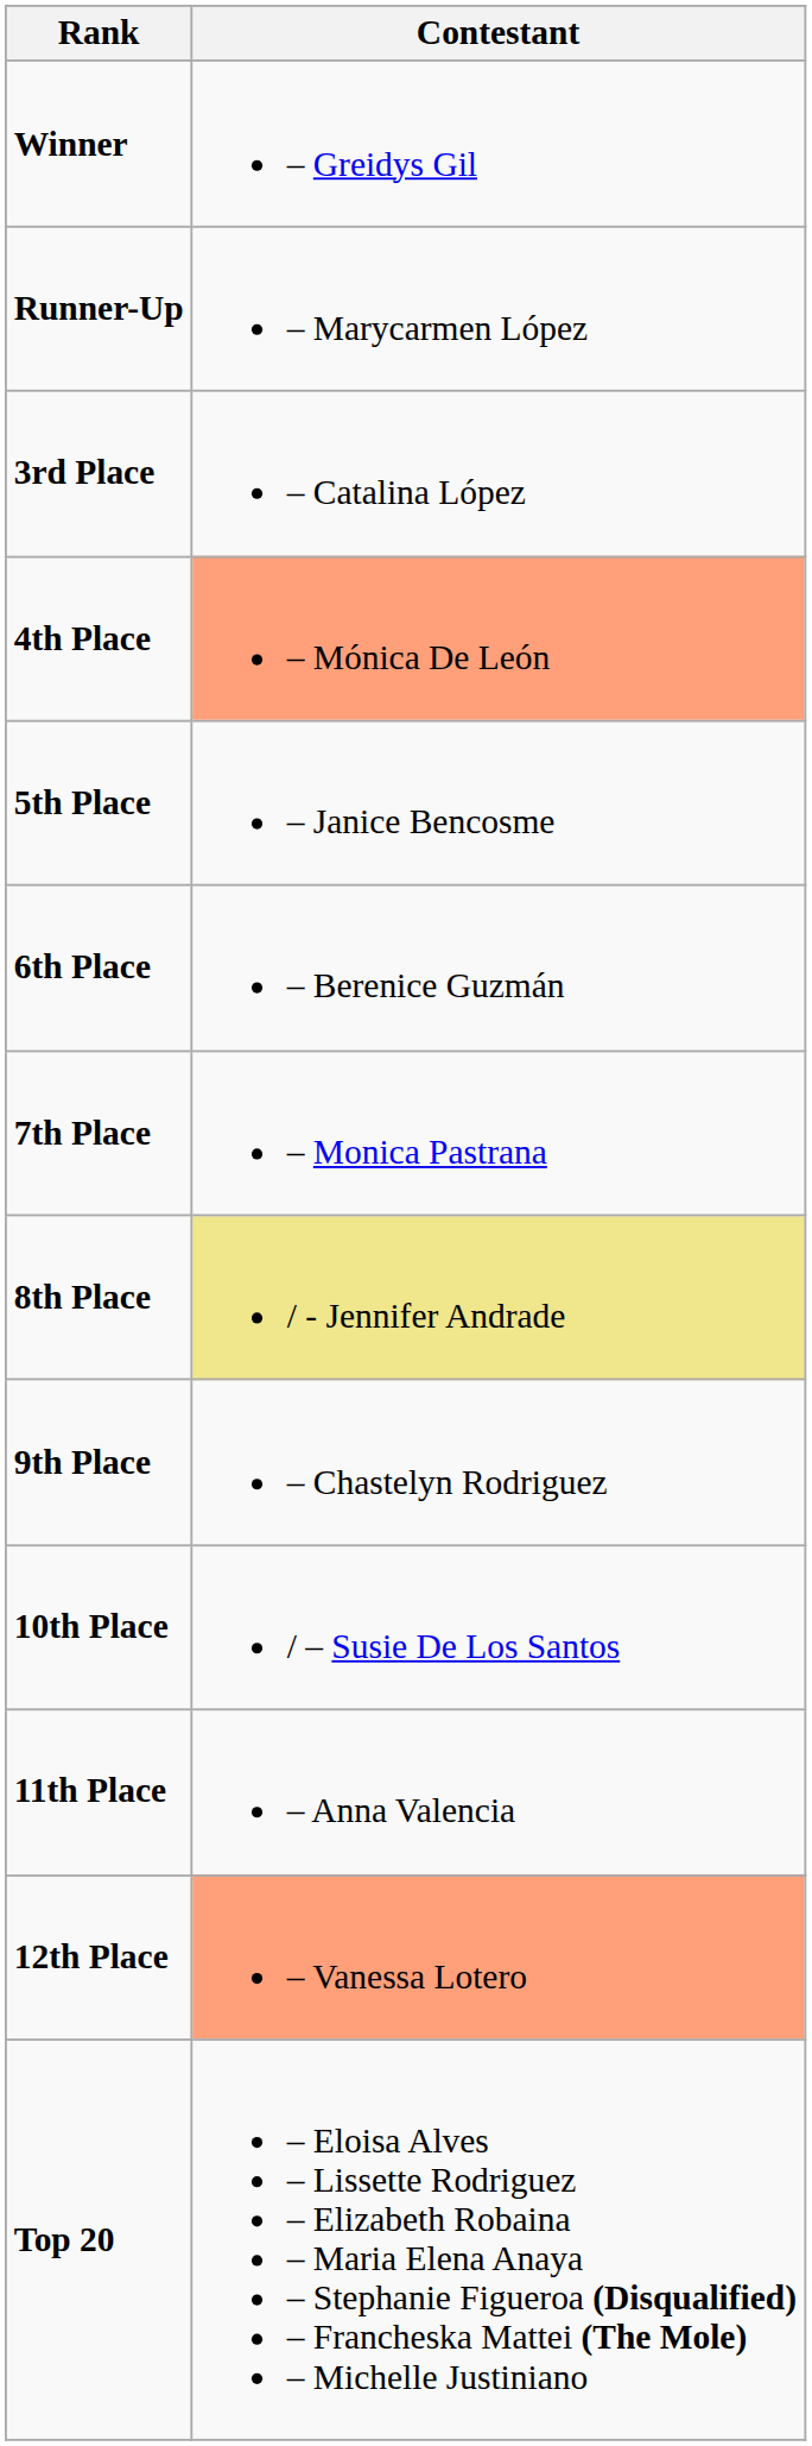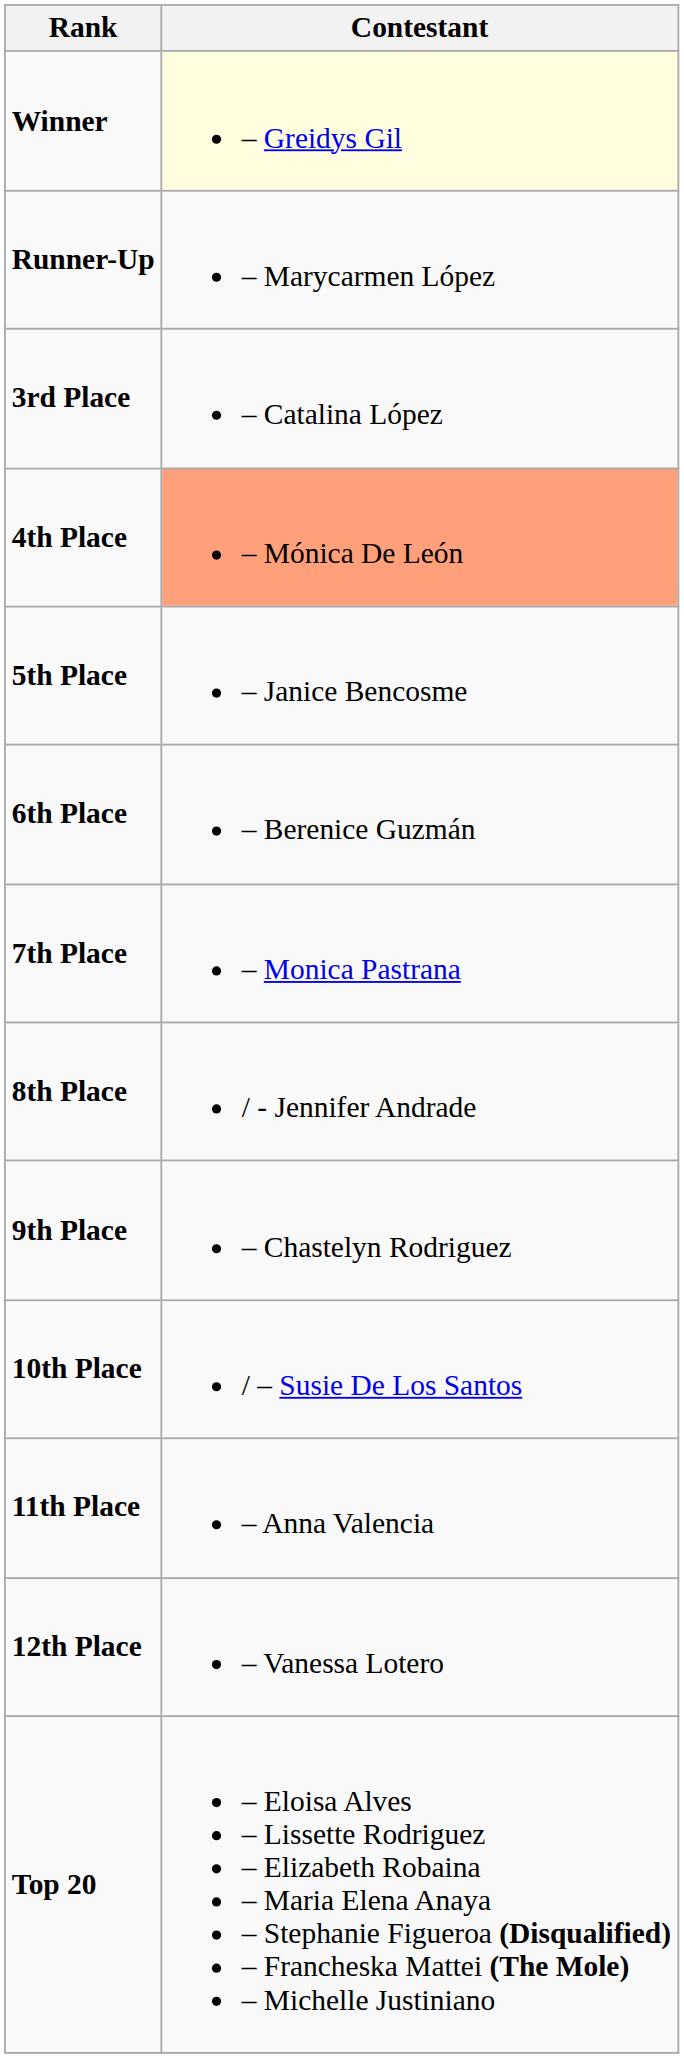 <table class="wikitable">
 <tr>
 <th>Rank</th>
 <th>Contestant</th>
 </tr>
 <tr>
 <td><strong>Winner</strong></td>
-<td><br><ul><li><strong></strong> – <a href='#'>Greidys Gil</a></li></ul></td>
+<td style="background: lightyellow;"><br><ul><li><strong></strong> – <a href='#'>Greidys Gil</a></li></ul></td>
 </tr>
 <tr>
 <td><strong>Runner-Up</strong></td>
 <td><br><ul><li><strong></strong> – Marycarmen López</li></ul></td>
 </tr>
 <tr>
 <td><strong>3rd Place</strong></td>
 <td><br><ul><li><strong></strong> – Catalina López</li></ul></td>
 </tr>
 <tr>
 <td><strong>4th Place</strong></td>
 <td style="background: lightsalmon;"><br><ul><li><strong></strong> – Mónica De León</li></ul></td>
 </tr>
 <tr>
 <td><strong>5th Place</strong></td>
 <td><br><ul><li><strong></strong> – Janice Bencosme</li></ul></td>
 </tr>
 <tr>
 <td><strong>6th Place</strong></td>
 <td><br><ul><li><strong></strong> – Berenice Guzmán</li></ul></td>
 </tr>
 <tr>
 <td><strong>7th Place</strong></td>
 <td><br><ul><li><strong></strong> – <a href='#'>Monica Pastrana</a></li></ul></td>
 </tr>
 <tr>
 <td><strong>8th Place</strong></td>
-<td style="background: khaki;"><br><ul><li><strong></strong>/ - Jennifer Andrade</li></ul></td>
+<td><br><ul><li><strong></strong>/ - Jennifer Andrade</li></ul></td>
 </tr>
 <tr>
 <td><strong>9th Place</strong></td>
 <td><br><ul><li><strong></strong> – Chastelyn Rodriguez</li></ul></td>
 </tr>
 <tr>
 <td><strong>10th Place</strong></td>
 <td><br><ul><li><strong></strong>/<strong></strong> – <a href='#'>Susie De Los Santos</a></li></ul></td>
 </tr>
 <tr>
 <td><strong>11th Place</strong></td>
 <td><br><ul><li><strong></strong> – Anna Valencia</li></ul></td>
 </tr>
 <tr>
 <td><strong>12th Place</strong></td>
-<td style="background: lightsalmon;"><br><ul><li><strong></strong> – Vanessa Lotero</li></ul></td>
+<td><br><ul><li><strong></strong> – Vanessa Lotero</li></ul></td>
 </tr>
 <tr>
 <td><strong>Top 20</strong></td>
 <td><br><ul><li><strong></strong> – Eloisa Alves</li><li><strong></strong> – Lissette Rodriguez</li><li><strong></strong> – Elizabeth Robaina</li><li><strong></strong> – Maria Elena Anaya</li><li><strong></strong> – Stephanie Figueroa <strong>(Disqualified)</strong></li><li><strong></strong> – Francheska Mattei <strong>(The Mole)</strong></li><li><strong></strong> – Michelle Justiniano</li></ul></td>
 </tr>
 </table>
